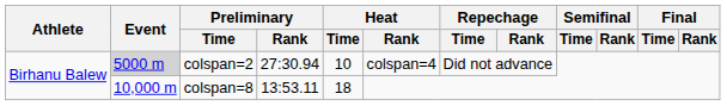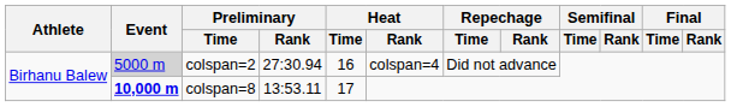 <table class="wikitable" style="font-size:90%">
 <tr>
 <th rowspan=2>Athlete</th>
 <th rowspan=2>Event</th>
 <th colspan=2>Preliminary</th>
 <th colspan=2>Heat</th>
 <th colspan=2>Repechage</th>
 <th colspan=2>Semifinal</th>
 <th colspan=2>Final</th>
 </tr>
 <tr style=font-size:95%>
 <th>Time</th>
 <th>Rank</th>
 <th>Time</th>
 <th>Rank</th>
 <th>Time</th>
 <th>Rank</th>
 <th>Time</th>
 <th>Rank</th>
 <th>Time</th>
 <th>Rank</th>
 </tr>
 <tr align=center>
 <td align=left rowspan=2><a href='#'>Birhanu Balew</a></td>
 <td align=left style="background: lightgrey;"><a href='#'>5000 m</a></td>
 <td>colspan=2 </td>
 <td>27:30.94</td>
-<td>10</td>
+<td>16</td>
 <td>colspan=4 </td>
 <td colspan=2>Did not advance</td>
 </tr>
 <tr align=center>
-<td align=left><a href='#'>10,000 m</a></td>
+<td align=left><strong><a href='#'>10,000 m</a></strong></td>
 <td>colspan=8 </td>
 <td>13:53.11</td>
-<td>18</td>
+<td>17</td>
 </tr>
 </table>
